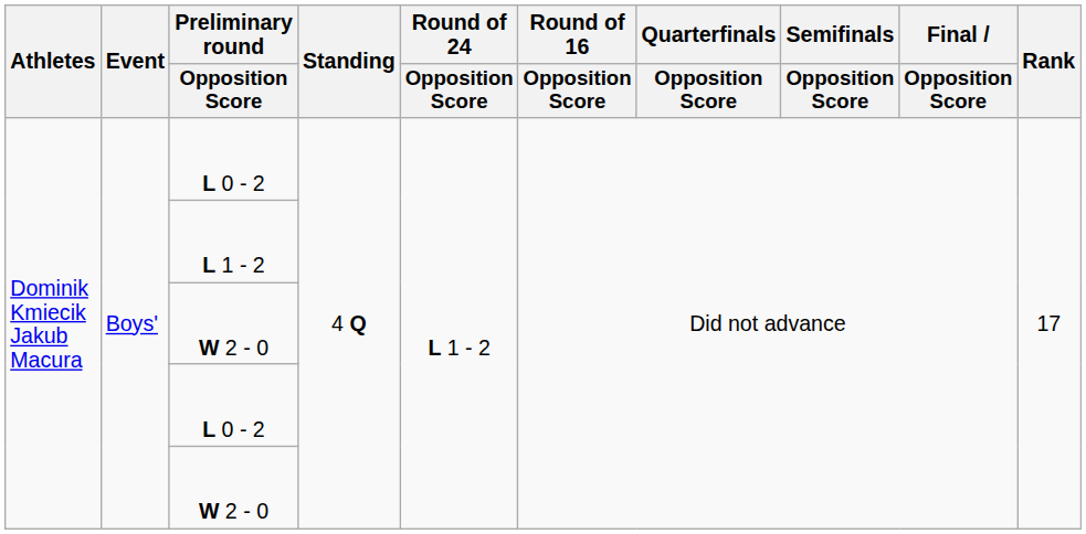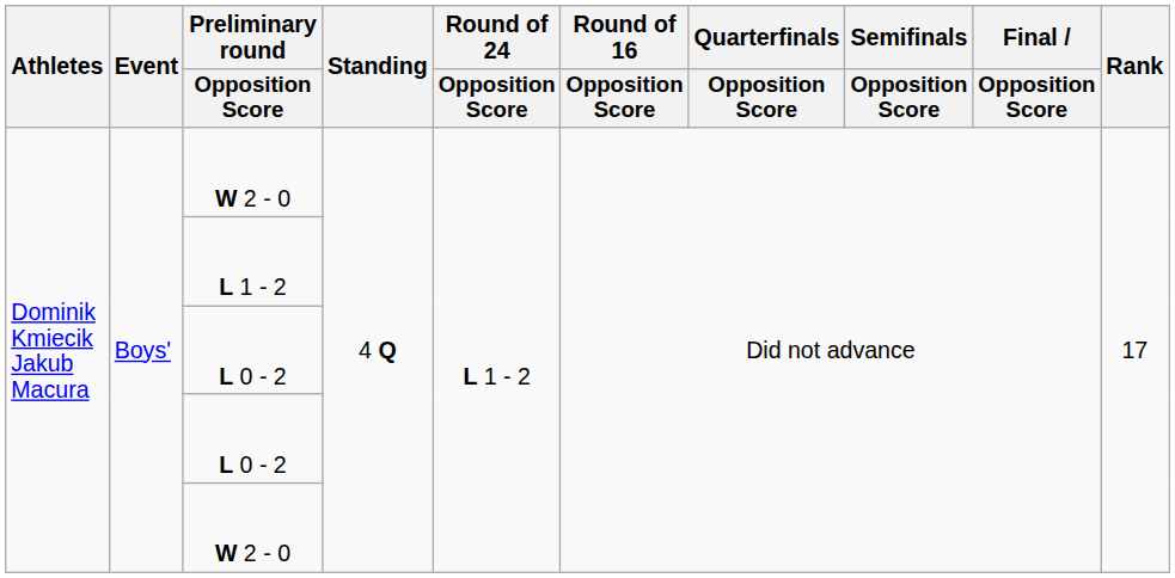 <table class=wikitable style="font-size:90%">
 <tr>
 <th rowspan="2">Athletes</th>
 <th rowspan="2">Event</th>
 <th>Preliminary round</th>
 <th rowspan="2">Standing</th>
 <th>Round of 24</th>
 <th>Round of 16</th>
 <th>Quarterfinals</th>
 <th>Semifinals</th>
 <th>Final / </th>
 <th rowspan=2>Rank</th>
 </tr>
 <tr style="font-size:95%">
 <th>Opposition<br>Score</th>
 <th>Opposition<br>Score</th>
 <th>Opposition<br>Score</th>
 <th>Opposition<br>Score</th>
 <th>Opposition<br>Score</th>
 <th>Opposition<br>Score</th>
 </tr>
 <tr align=center>
 <td align=left rowspan=5><a href='#'>Dominik Kmiecik</a><br><a href='#'>Jakub Macura</a></td>
 <td align=left rowspan=5><a href='#'>Boys'</a></td>
-<td><br><br><strong>L</strong> 0 - 2</td>
+<td><br><br><strong>W</strong> 2 - 0</td>
 <td rowspan=5>4 <strong>Q</strong></td>
 <td rowspan=5><br><br><strong>L</strong> 1 - 2</td>
 <td rowspan=5 colspan=4>Did not advance</td>
 <td rowspan=5>17</td>
 </tr>
 <tr align=center>
 <td><br><br><strong>L</strong> 1 - 2</td>
 </tr>
 <tr align=center>
-<td><br><br><strong>W</strong> 2 - 0</td>
+<td><br><br><strong>L</strong> 0 - 2</td>
 </tr>
 <tr align=center>
 <td><br><br><strong>L</strong> 0 - 2</td>
 </tr>
 <tr align=center>
 <td><br><br><strong>W</strong> 2 - 0</td>
 </tr>
 </table>
